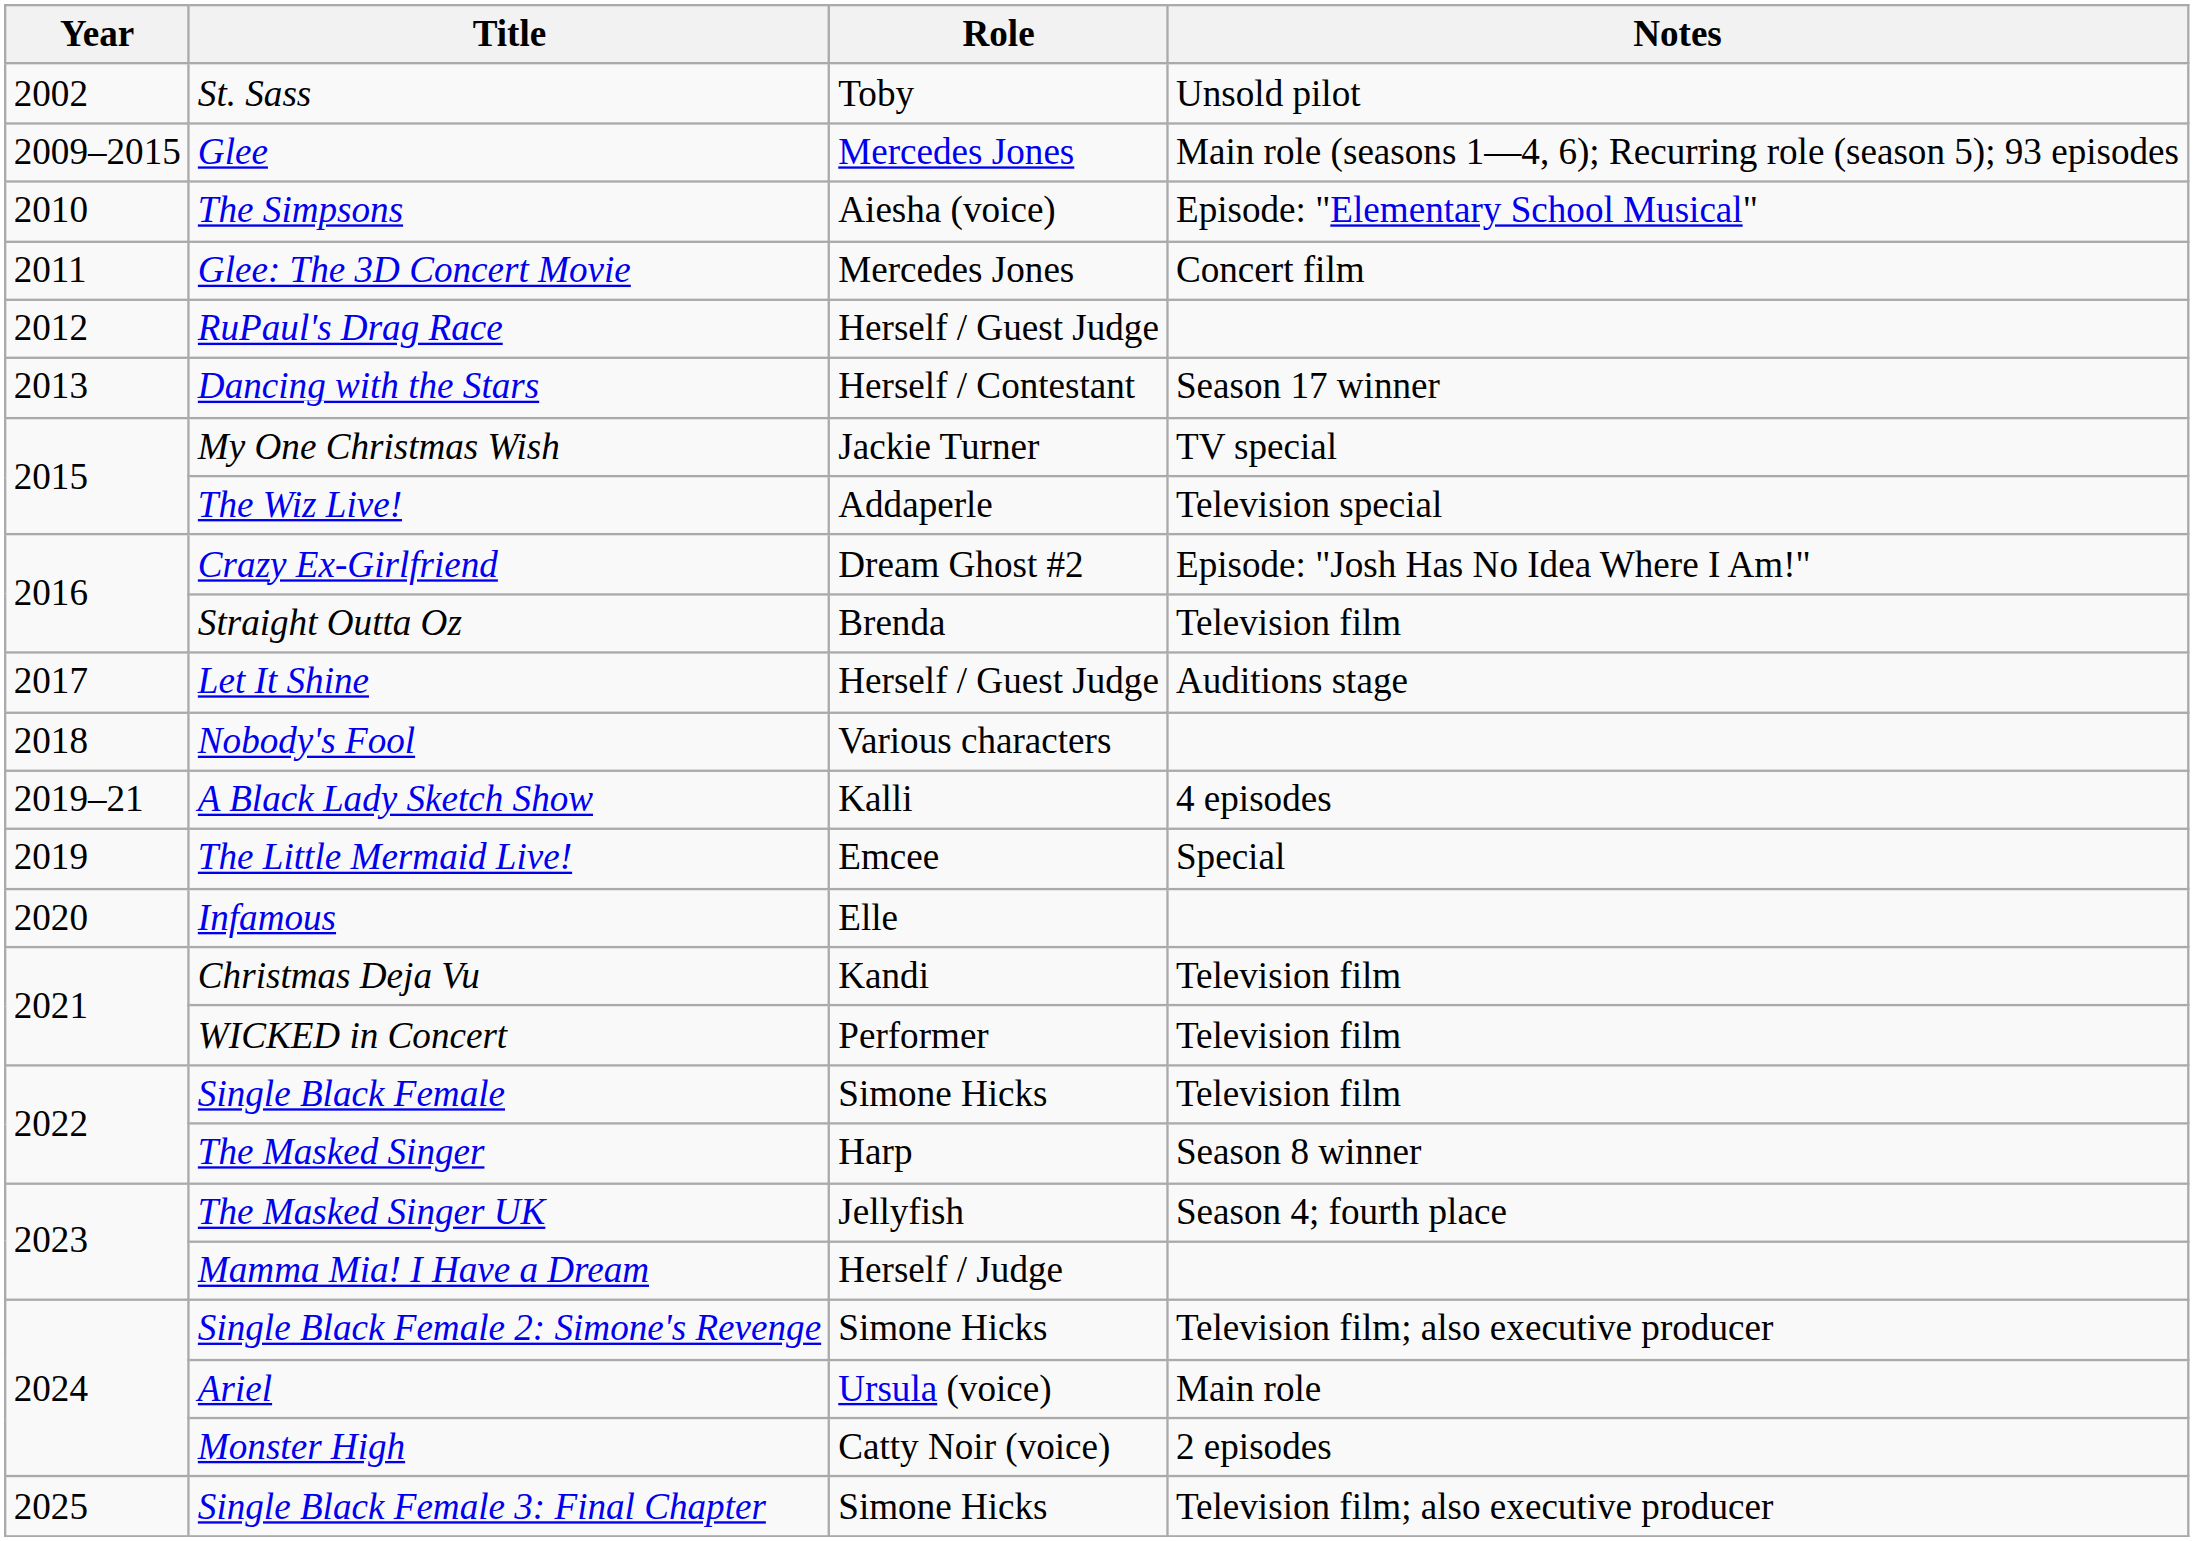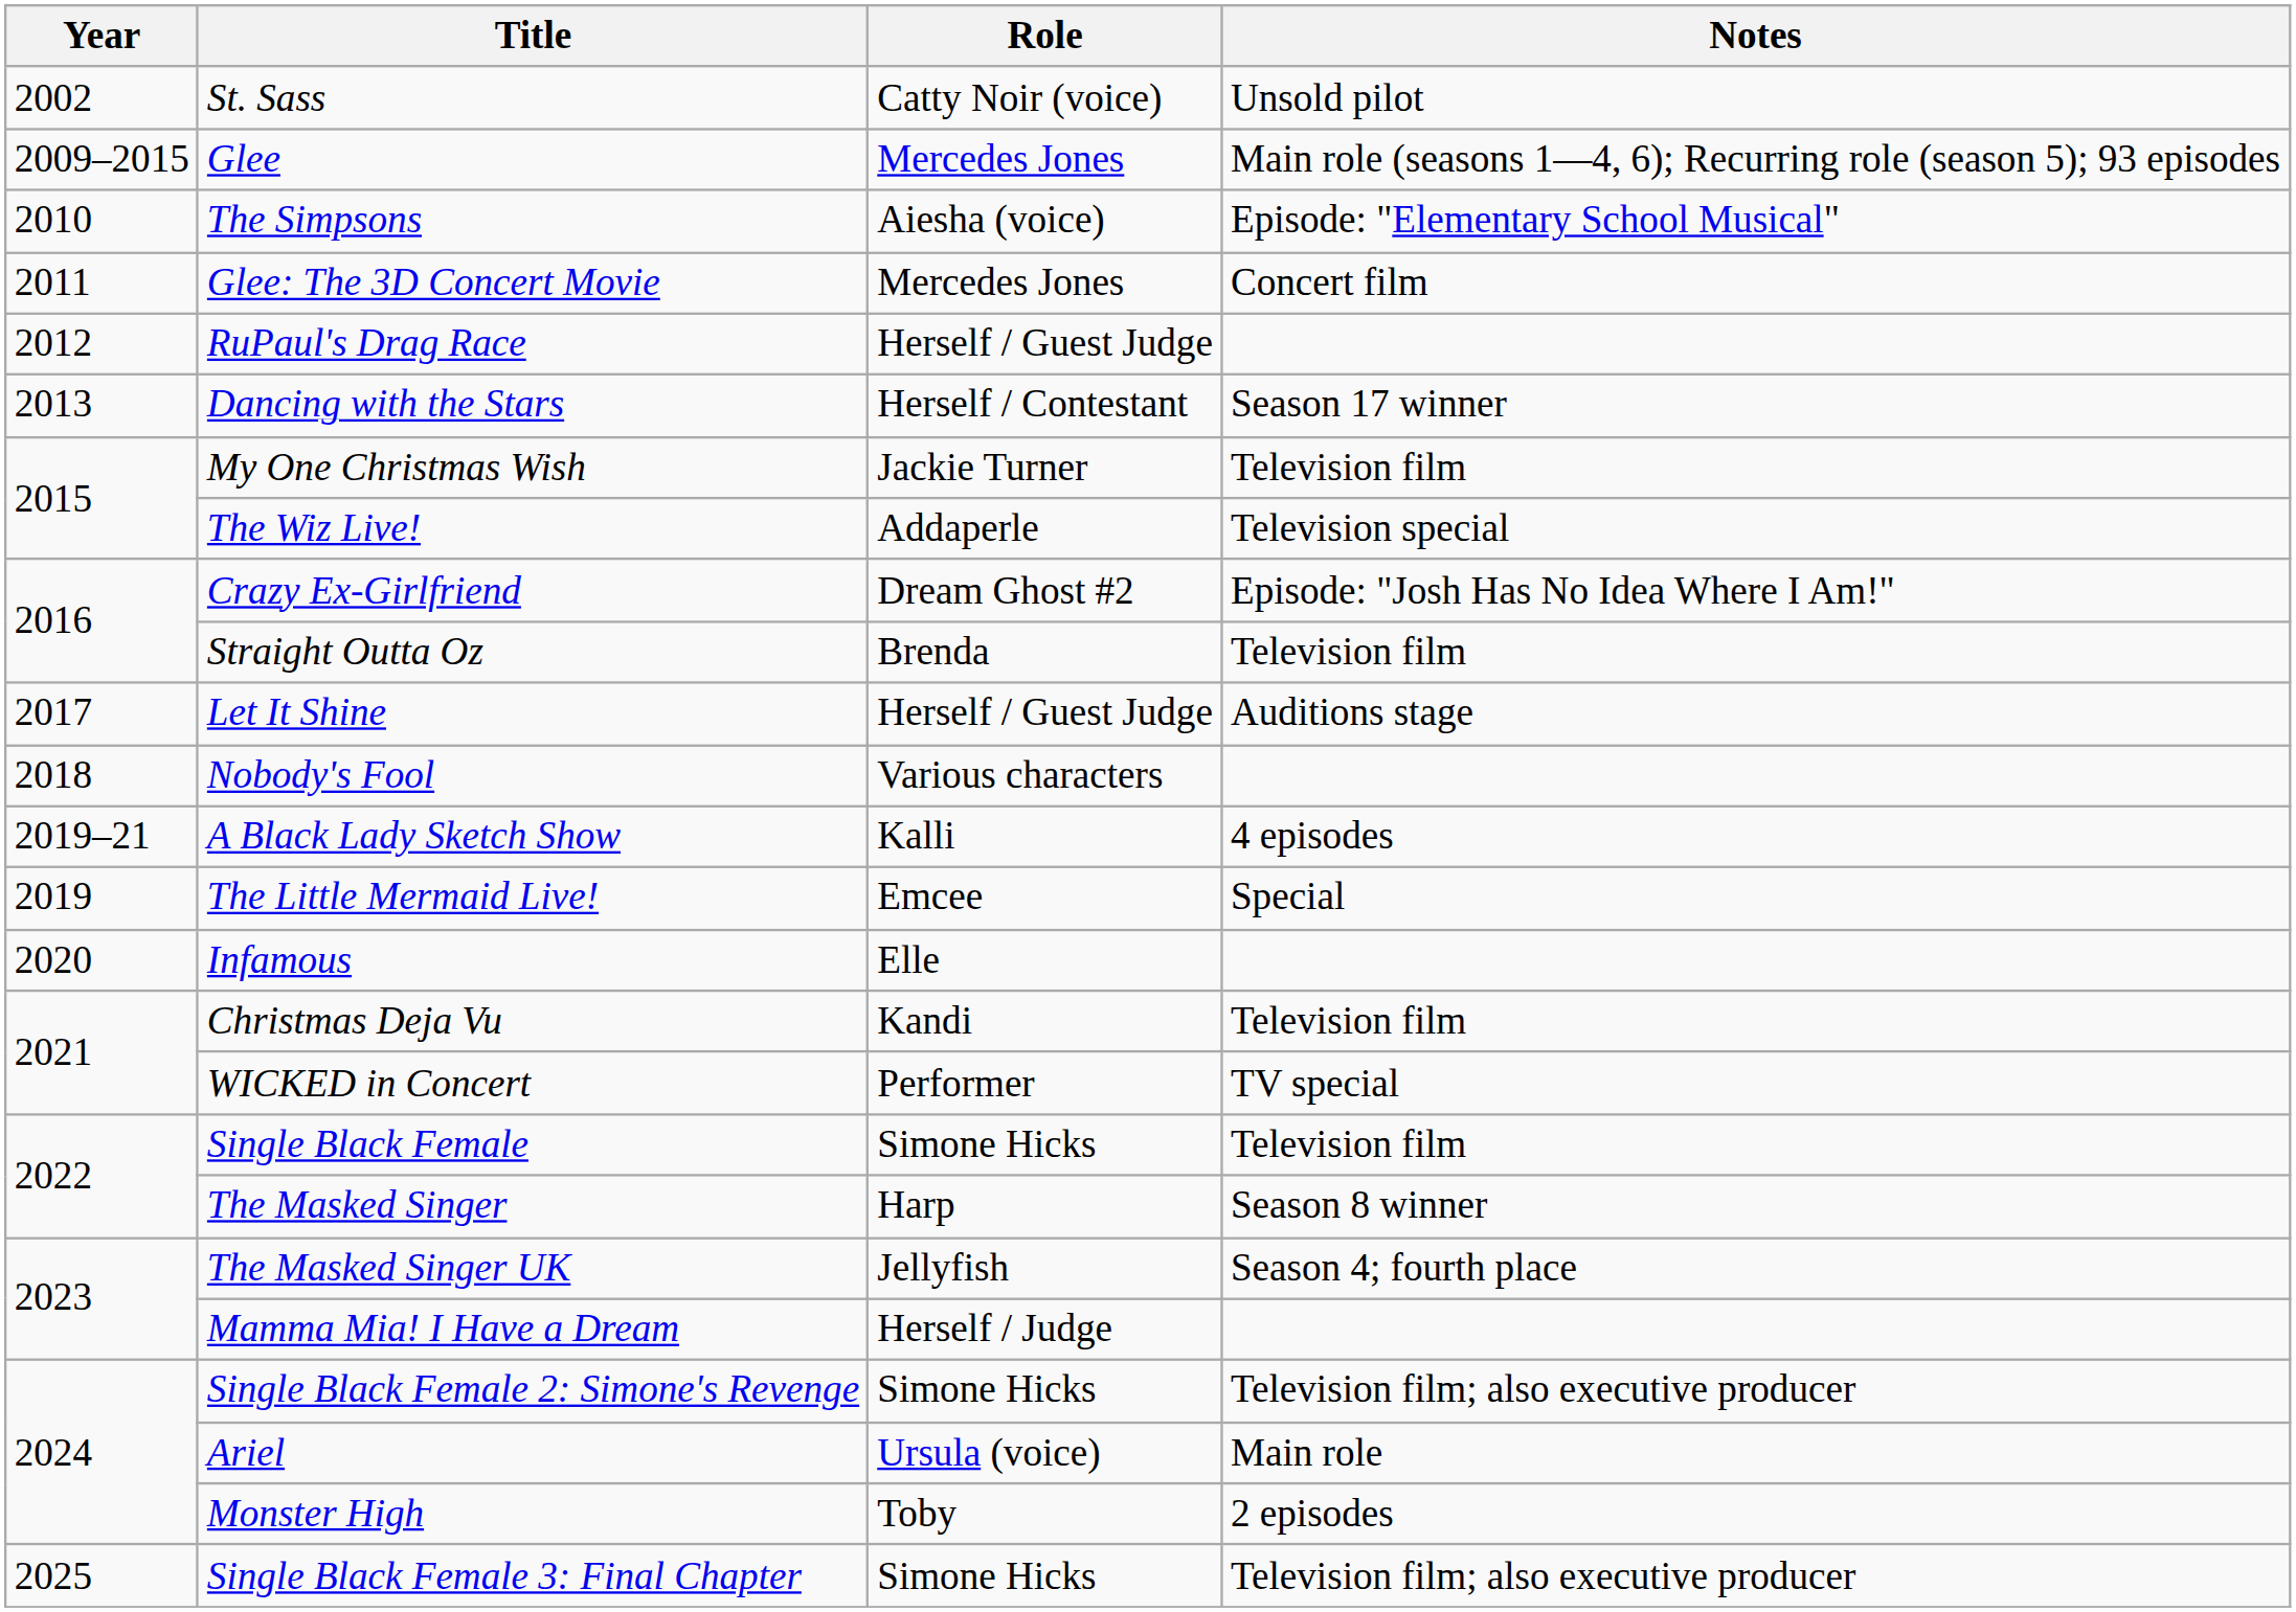 <table class="wikitable sortable">
 <tr>
 <th>Year</th>
 <th>Title</th>
 <th>Role</th>
 <th>Notes</th>
 </tr>
 <tr>
 <td>2002</td>
 <td><em>St. Sass</em></td>
-<td>Toby</td>
+<td>Catty Noir (voice)</td>
 <td>Unsold pilot</td>
 </tr>
 <tr>
 <td>2009–2015</td>
 <td><em><a href='#'>Glee</a></em></td>
 <td><a href='#'>Mercedes Jones</a></td>
 <td>Main role (seasons 1—4, 6); Recurring role (season 5); 93 episodes</td>
 </tr>
 <tr>
 <td>2010</td>
 <td><em><a href='#'>The Simpsons</a></em></td>
 <td>Aiesha (voice)</td>
 <td>Episode: "<a href='#'>Elementary School Musical</a>"</td>
 </tr>
 <tr>
 <td>2011</td>
 <td><em><a href='#'>Glee: The 3D Concert Movie</a></em></td>
 <td>Mercedes Jones</td>
 <td>Concert film</td>
 </tr>
 <tr>
 <td>2012</td>
 <td><em><a href='#'>RuPaul's Drag Race</a></em></td>
 <td>Herself / Guest Judge</td>
 <td></td>
 </tr>
 <tr>
 <td>2013</td>
 <td><em><a href='#'>Dancing with the Stars</a></em></td>
 <td>Herself / Contestant</td>
 <td>Season 17 winner</td>
 </tr>
 <tr>
 <td rowspan="2">2015</td>
 <td><em>My One Christmas Wish</em></td>
 <td>Jackie Turner</td>
-<td>TV special</td>
+<td>Television film</td>
 </tr>
 <tr>
 <td><em><a href='#'>The Wiz Live!</a></em></td>
 <td>Addaperle</td>
 <td>Television special</td>
 </tr>
 <tr>
 <td rowspan="2">2016</td>
 <td><em><a href='#'>Crazy Ex-Girlfriend</a></em></td>
 <td>Dream Ghost #2</td>
 <td>Episode: "Josh Has No Idea Where I Am!"</td>
 </tr>
 <tr>
 <td><em>Straight Outta Oz</em></td>
 <td>Brenda</td>
 <td>Television film</td>
 </tr>
 <tr>
 <td>2017</td>
 <td><em><a href='#'>Let It Shine</a></em></td>
 <td>Herself / Guest Judge</td>
 <td>Auditions stage</td>
 </tr>
 <tr>
 <td>2018</td>
 <td><em><a href='#'>Nobody's Fool</a></em></td>
 <td>Various characters</td>
 <td></td>
 </tr>
 <tr>
 <td>2019–21</td>
 <td><em><a href='#'>A Black Lady Sketch Show</a></em></td>
 <td>Kalli</td>
 <td>4 episodes</td>
 </tr>
 <tr>
 <td>2019</td>
 <td><em><a href='#'>The Little Mermaid Live!</a></em></td>
 <td>Emcee</td>
 <td>Special</td>
 </tr>
 <tr>
 <td>2020</td>
 <td><em><a href='#'>Infamous</a></em></td>
 <td>Elle</td>
 <td></td>
 </tr>
 <tr>
 <td rowspan="2">2021</td>
 <td><em>Christmas Deja Vu</em></td>
 <td>Kandi</td>
 <td>Television film</td>
 </tr>
 <tr>
 <td><em>WICKED in Concert</em></td>
 <td>Performer</td>
-<td>Television film</td>
+<td>TV special</td>
 </tr>
 <tr>
 <td rowspan="2">2022</td>
 <td><em><a href='#'>Single Black Female</a></em></td>
 <td>Simone Hicks</td>
 <td>Television film</td>
 </tr>
 <tr>
 <td><em><a href='#'>The Masked Singer</a></em></td>
 <td>Harp</td>
 <td>Season 8 winner </td>
 </tr>
 <tr>
 <td rowspan="2">2023</td>
 <td><em><a href='#'>The Masked Singer UK</a></em></td>
 <td>Jellyfish</td>
 <td>Season 4; fourth place</td>
 </tr>
 <tr>
 <td><em><a href='#'>Mamma Mia! I Have a Dream</a></em></td>
 <td>Herself / Judge</td>
 <td></td>
 </tr>
 <tr>
 <td rowspan="3">2024</td>
 <td><em><a href='#'>Single Black Female 2: Simone's Revenge</a></em></td>
 <td>Simone Hicks</td>
 <td>Television film; also executive producer</td>
 </tr>
 <tr>
 <td><em><a href='#'>Ariel</a></em></td>
 <td><a href='#'>Ursula</a> (voice)</td>
 <td>Main role</td>
 </tr>
 <tr>
 <td><em><a href='#'>Monster High</a></em></td>
-<td>Catty Noir (voice)</td>
+<td>Toby</td>
 <td>2 episodes</td>
 </tr>
 <tr>
 <td>2025</td>
 <td><em><a href='#'>Single Black Female 3: Final Chapter</a></em></td>
 <td>Simone Hicks</td>
 <td>Television film; also executive producer</td>
 </tr>
 </table>
